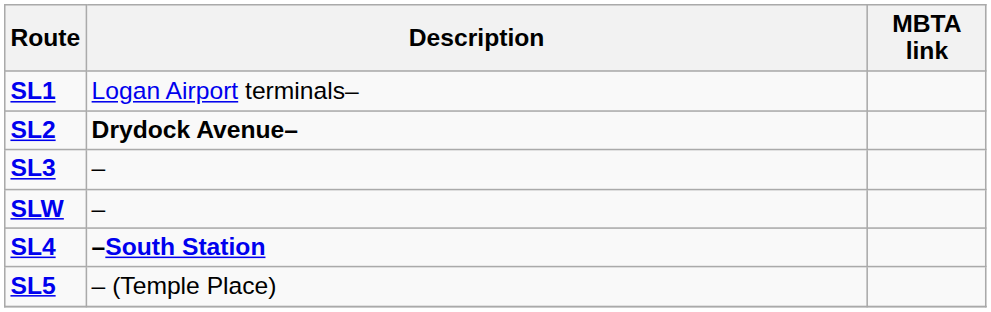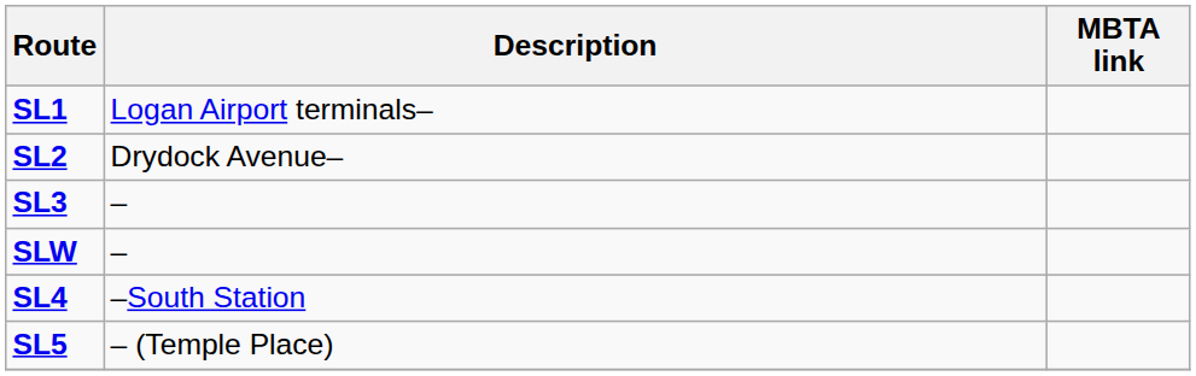 <table class="wikitable">
 <tr>
 <th scope="col" width="35">Route</th>
 <th scope="col" width="500">Description</th>
 <th scope="col" width="70">MBTA link</th>
 </tr>
 <tr>
 <td><strong><a href='#'>SL1</a></strong></td>
 <td><a href='#'>Logan Airport</a> terminals–</td>
 <td></td>
 </tr>
 <tr>
 <td><strong><a href='#'>SL2</a></strong></td>
-<td><strong>Drydock Avenue–</strong></td>
+<td>Drydock Avenue–</td>
 <td></td>
 </tr>
 <tr>
 <td><strong><a href='#'>SL3</a></strong></td>
 <td>–</td>
 <td></td>
 </tr>
 <tr>
 <td><strong><a href='#'>SLW</a></strong></td>
 <td>–</td>
 <td></td>
 </tr>
 <tr>
 <td><strong><a href='#'>SL4</a></strong></td>
-<td><strong>–<a href='#'>South Station</a></strong></td>
+<td>–<a href='#'>South Station</a></td>
 <td></td>
 </tr>
 <tr>
 <td><strong><a href='#'>SL5</a></strong></td>
 <td>– (Temple Place)</td>
 <td></td>
 </tr>
 <tr>
 </tr>
 </table>
